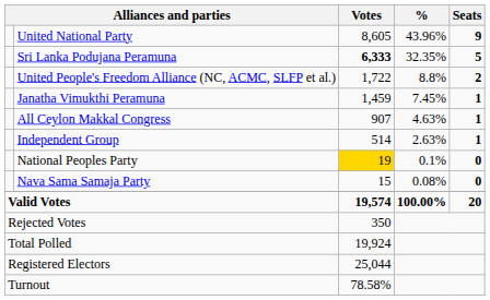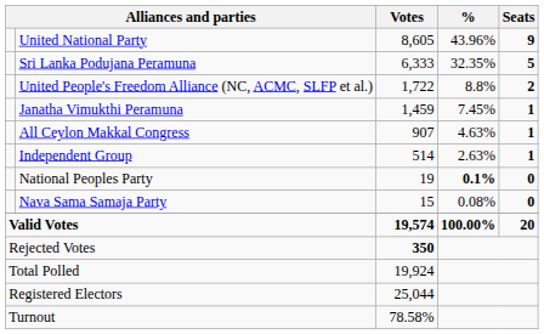 <table class="wikitable" border="1" style="text-align:right;">
 <tr>
 <th valign=bottom align=left colspan=2>Alliances and parties</th>
 <th valign=bottom align=center width="60">Votes</th>
 <th valign=bottom align=center width="50">%</th>
 <th valign=bottom align=center>Seats</th>
 </tr>
 <tr>
 <td bgcolor=> </td>
 <td align=left><a href='#'>United National Party</a></td>
 <td>8,605</td>
 <td>43.96%</td>
 <td><strong>9</strong></td>
 </tr>
 <tr>
 <td bgcolor=> </td>
 <td align=left><a href='#'>Sri Lanka Podujana Peramuna</a></td>
-<td><strong>6,333</strong></td>
+<td>6,333</td>
 <td>32.35%</td>
 <td><strong>5</strong></td>
 </tr>
 <tr>
 <td bgcolor=> </td>
 <td align=left><a href='#'>United People's Freedom Alliance</a> (NC, <a href='#'>ACMC</a>, <a href='#'>SLFP</a> et al.)</td>
 <td>1,722</td>
 <td>8.8%</td>
 <td><strong>2</strong></td>
 </tr>
 <tr>
 <td bgcolor=> </td>
 <td align=left><a href='#'>Janatha Vimukthi Peramuna</a></td>
 <td>1,459</td>
 <td>7.45%</td>
 <td><strong>1</strong></td>
 </tr>
 <tr>
 <td bgcolor=> </td>
 <td align=left><a href='#'>All Ceylon Makkal Congress</a></td>
 <td>907</td>
 <td>4.63%</td>
 <td><strong>1</strong></td>
 </tr>
 <tr>
 <td></td>
 <td align=left><a href='#'>Independent Group</a></td>
 <td>514</td>
 <td>2.63%</td>
 <td><strong>1</strong></td>
 </tr>
 <tr>
 <td></td>
 <td align=left>National Peoples Party</td>
-<td style="background: gold;">19</td>
-<td>0.1%</td>
+<td>19</td>
+<td><strong>0.1%</strong></td>
 <td><strong>0</strong></td>
 </tr>
 <tr>
 <td bgcolor=> </td>
 <td align=left><a href='#'>Nava Sama Samaja Party</a></td>
 <td>15</td>
 <td>0.08%</td>
 <td><strong>0</strong></td>
 </tr>
 <tr>
 </tr>
 <tr>
 <td colspan=2 align=left><strong>Valid Votes</strong></td>
 <td><strong>19,574</strong></td>
 <td><strong>100.00%</strong></td>
 <td><strong>20</strong></td>
 </tr>
 <tr>
 <td colspan=2 align=left>Rejected Votes</td>
-<td>350</td>
+<td><strong>350</strong></td>
 <td colspan=2></td>
 </tr>
 <tr>
 <td colspan=2 align=left>Total Polled</td>
 <td>19,924</td>
 <td colspan=2></td>
 </tr>
 <tr>
 <td colspan=2 align=left>Registered Electors</td>
 <td>25,044</td>
 <td colspan=2></td>
 </tr>
 <tr>
 <td colspan=2 align=left>Turnout</td>
 <td>78.58%</td>
 <td colspan=2></td>
 </tr>
 </table>
